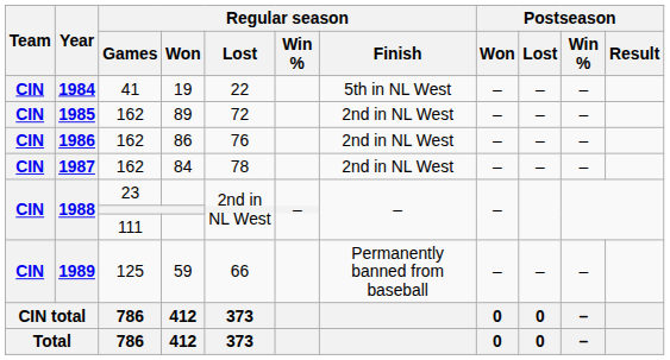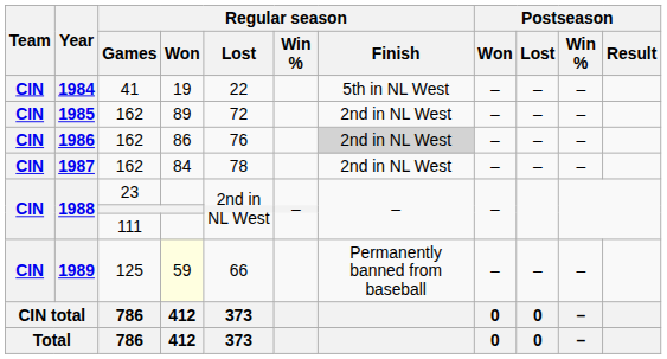 <table class="wikitable" style="font-size: 95%; text-align:center;">
 <tr>
 <th rowspan="2">Team</th>
 <th rowspan="2">Year</th>
 <th colspan="5">Regular season</th>
 <th colspan="4">Postseason</th>
 </tr>
 <tr>
 <th>Games</th>
 <th>Won</th>
 <th>Lost</th>
 <th>Win %</th>
 <th>Finish</th>
 <th>Won</th>
 <th>Lost</th>
 <th>Win %</th>
 <th>Result</th>
 </tr>
 <tr>
 <th><a href='#'>CIN</a></th>
 <th><a href='#'>1984</a></th>
 <td>41</td>
 <td>19</td>
 <td>22</td>
 <td></td>
 <td>5th in NL West</td>
 <td>–</td>
 <td>–</td>
 <td>–</td>
 <td></td>
 </tr>
 <tr>
 <th><a href='#'>CIN</a></th>
 <th><a href='#'>1985</a></th>
 <td>162</td>
 <td>89</td>
 <td>72</td>
 <td></td>
 <td>2nd in NL West</td>
 <td>–</td>
 <td>–</td>
 <td>–</td>
 <td></td>
 </tr>
 <tr>
 <th><a href='#'>CIN</a></th>
 <th><a href='#'>1986</a></th>
 <td>162</td>
 <td>86</td>
 <td>76</td>
 <td></td>
-<td>2nd in NL West</td>
+<td style="background: lightgrey;">2nd in NL West</td>
 <td>–</td>
 <td>–</td>
 <td>–</td>
 <td></td>
 </tr>
 <tr>
 <th><a href='#'>CIN</a></th>
 <th><a href='#'>1987</a></th>
 <td>162</td>
 <td>84</td>
 <td>78</td>
 <td></td>
 <td>2nd in NL West</td>
 <td>–</td>
 <td>–</td>
 <td>–</td>
 <td></td>
 </tr>
 <tr>
 <th rowspan="3"><a href='#'>CIN</a></th>
 <th rowspan="3"><a href='#'>1988</a></th>
 <td>23</td>
 <td></td>
 <td rowspan="3">2nd in NL West</td>
 <td rowspan="3">–</td>
 <td rowspan="3">–</td>
 <td rowspan="3">–</td>
 <td rowspan="3"></td>
 </tr>
 <tr>
 <th colspan="4"></th>
 </tr>
 <tr>
 <td>111</td>
 <td></td>
 </tr>
 <tr>
 <th><a href='#'>CIN</a></th>
 <th><a href='#'>1989</a></th>
 <td>125</td>
-<td>59</td>
+<td style="background: lightyellow;">59</td>
 <td>66</td>
 <td></td>
 <td>Permanently banned from baseball</td>
 <td>–</td>
 <td>–</td>
 <td>–</td>
 <td></td>
 </tr>
 <tr>
 <th colspan="2">CIN total</th>
 <th>786</th>
 <th>412</th>
 <th>373</th>
 <th></th>
 <th></th>
 <th>0</th>
 <th>0</th>
 <th>–</th>
 <th></th>
 </tr>
 <tr>
 <th colspan="2">Total</th>
 <th>786</th>
 <th>412</th>
 <th>373</th>
 <th></th>
 <th></th>
 <th>0</th>
 <th>0</th>
 <th>–</th>
 <th></th>
 </tr>
 </table>
